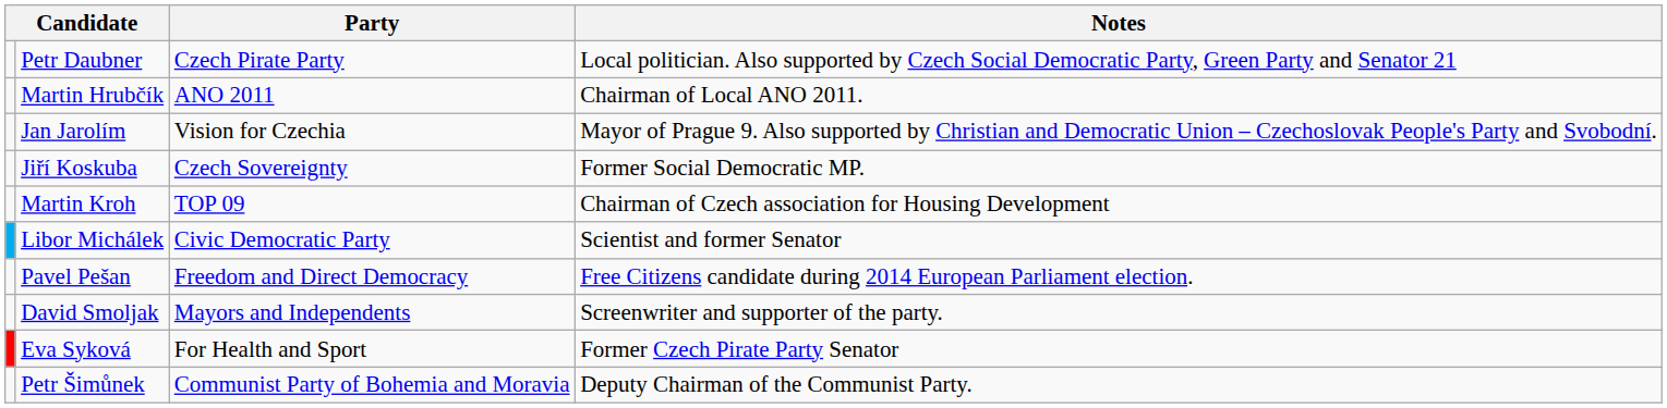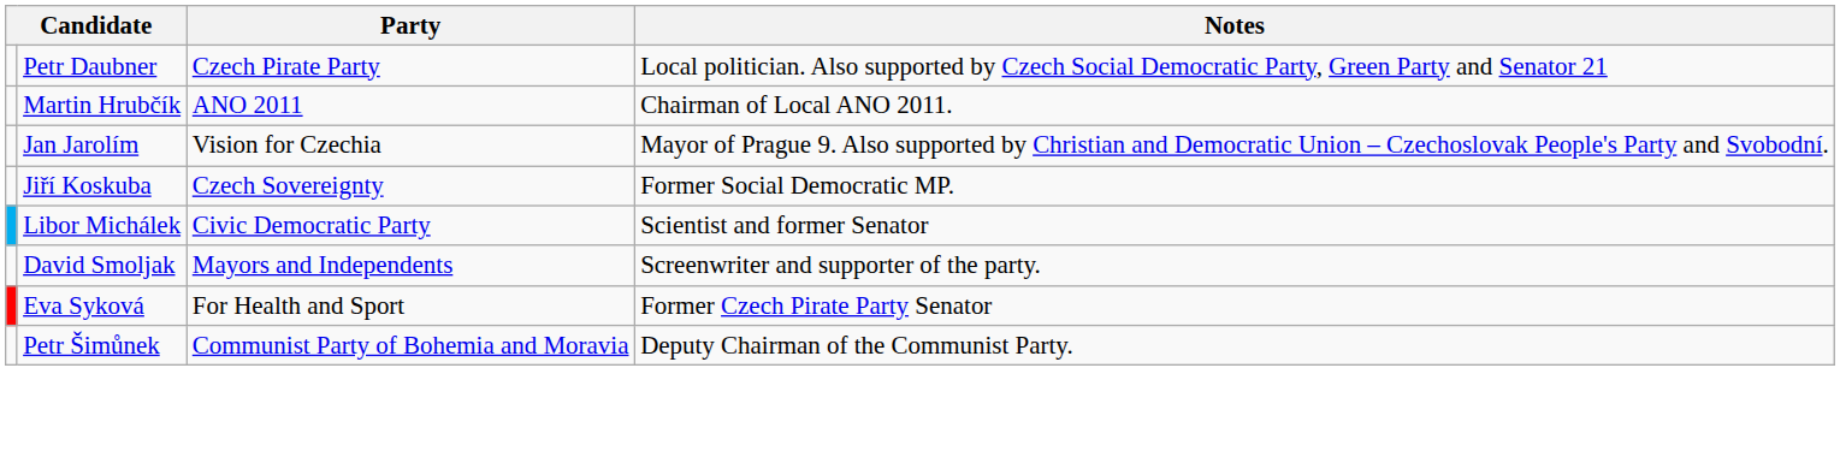 <table class="wikitable">
 <tr>
 <th colspan="2">Candidate</th>
 <th>Party</th>
 <th>Notes</th>
 </tr>
 <tr>
 <td style="background-color:"></td>
 <td><a href='#'>Petr Daubner</a></td>
 <td><a href='#'>Czech Pirate Party</a></td>
 <td>Local politician. Also supported by <a href='#'>Czech Social Democratic Party</a>, <a href='#'>Green Party</a> and <a href='#'>Senator 21</a></td>
 </tr>
 <tr>
 <td style="background-color:"></td>
 <td><a href='#'>Martin Hrubčík</a></td>
 <td><a href='#'>ANO 2011</a></td>
 <td>Chairman of Local ANO 2011.</td>
 </tr>
 <tr>
 <td style="background-color:"></td>
 <td><a href='#'>Jan Jarolím</a></td>
 <td>Vision for Czechia</td>
 <td>Mayor of Prague 9. Also supported by <a href='#'>Christian and Democratic Union – Czechoslovak People's Party</a> and <a href='#'>Svobodní</a>.</td>
 </tr>
 <tr>
 <td style="background-color:"></td>
 <td><a href='#'>Jiří Koskuba</a></td>
 <td><a href='#'>Czech Sovereignty</a></td>
 <td>Former Social Democratic MP.</td>
 </tr>
 <tr>
-<td style="background-color:"></td>
-<td><a href='#'>Martin Kroh</a></td>
-<td><a href='#'>TOP 09</a></td>
-<td>Chairman of Czech association for Housing Development</td>
-</tr>
-<tr>
 <td style="background-color:#00AEEF"></td>
 <td><a href='#'>Libor Michálek</a></td>
 <td><a href='#'>Civic Democratic Party</a></td>
 <td>Scientist and former Senator</td>
-</tr>
-<tr>
-<td style="background-color:"></td>
-<td><a href='#'>Pavel Pešan</a></td>
-<td><a href='#'>Freedom and Direct Democracy</a></td>
-<td><a href='#'>Free Citizens</a> candidate during <a href='#'>2014 European Parliament election</a>.</td>
 </tr>
 <tr>
 <td style="background-color:"></td>
 <td><a href='#'>David Smoljak</a></td>
 <td><a href='#'>Mayors and Independents</a></td>
 <td>Screenwriter and supporter of the party.</td>
 </tr>
 <tr>
 <td style="background:red;"></td>
 <td><a href='#'>Eva Syková</a></td>
 <td>For Health and Sport</td>
 <td>Former <a href='#'>Czech Pirate Party</a> Senator</td>
 </tr>
 <tr>
 <td style="background-color:"></td>
 <td><a href='#'>Petr Šimůnek</a></td>
 <td><a href='#'>Communist Party of Bohemia and Moravia</a></td>
 <td>Deputy Chairman of the Communist Party.</td>
 </tr>
 </table>
